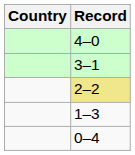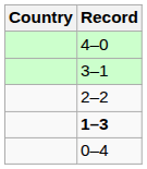 <table class="wikitable">
 <tr>
 <th>Country</th>
 <th>Record</th>
 </tr>
 <tr bgcolor="ccffcc">
 <td><strong></strong></td>
 <td>4–0</td>
 </tr>
 <tr bgcolor="ccffcc">
 <td><strong></strong></td>
 <td>3–1</td>
 </tr>
 <tr>
 <td><strong></strong></td>
-<td style="background: khaki;">2–2</td>
+<td>2–2</td>
 </tr>
 <tr>
 <td><strong></strong></td>
-<td>1–3</td>
+<td><strong>1–3</strong></td>
 </tr>
 <tr>
 <td><strong></strong></td>
 <td>0–4</td>
 </tr>
 </table>
